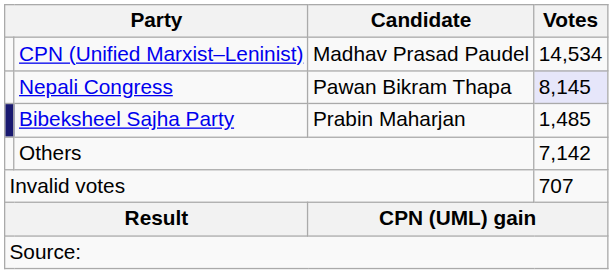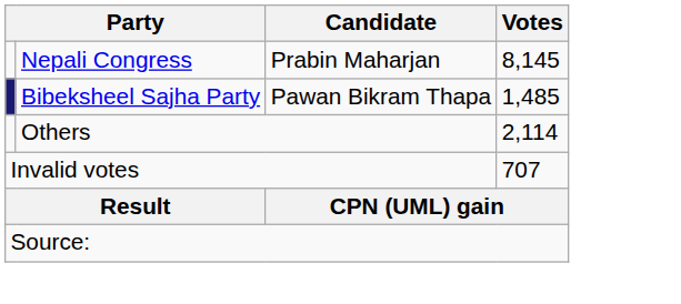 <table class="wikitable">
 <tr>
 <th colspan="2">Party</th>
 <th>Candidate</th>
 <th>Votes</th>
 </tr>
 <tr>
 <td style="background-color:"></td>
-<td><a href='#'>CPN (Unified Marxist–Leninist)</a></td>
-<td>Madhav Prasad Paudel</td>
-<td>14,534</td>
-</tr>
-<tr>
-<td style="background-color:"></td>
 <td><a href='#'>Nepali Congress</a></td>
-<td>Pawan Bikram Thapa</td>
-<td style="background: lavender;">8,145</td>
+<td>Prabin Maharjan</td>
+<td>8,145</td>
 </tr>
 <tr>
 <td style="background-color:midnightblue"></td>
 <td><a href='#'>Bibeksheel Sajha Party</a></td>
-<td>Prabin Maharjan</td>
+<td>Pawan Bikram Thapa</td>
 <td>1,485</td>
 </tr>
 <tr>
 <td></td>
 <td colspan="2">Others</td>
-<td>7,142</td>
+<td>2,114</td>
 </tr>
 <tr>
 <td colspan="3">Invalid votes</td>
 <td>707</td>
 </tr>
 <tr>
 <th colspan="2">Result</th>
 <th colspan="2">CPN (UML) gain</th>
 </tr>
 <tr>
 <td colspan="4">Source: </td>
 </tr>
 </table>
